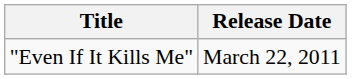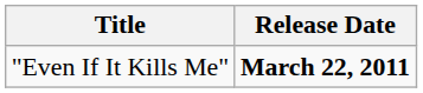 <table class="wikitable">
 <tr>
 <th>Title</th>
 <th>Release Date</th>
 </tr>
 <tr>
 <td>"Even If It Kills Me"</td>
-<td>March 22, 2011</td>
+<td><strong>March 22, 2011</strong></td>
 </tr>
 </table>
